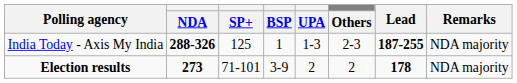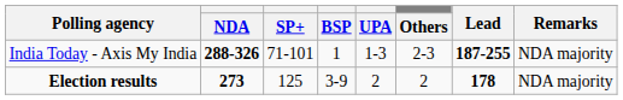 <table class="wikitable sortable" style="text-align:center;font-size:95%;" |>
 <tr>
 <th rowspan="2">Polling agency</th>
 <th style="background:"></th>
 <th style="background:"></th>
 <th style="text-align:center; background:"></th>
 <th style="text-align:center; background:"></th>
 <th style="background:gray;"></th>
 <th rowspan="2">Lead</th>
 <th rowspan="2">Remarks</th>
 </tr>
 <tr>
 <th><a href='#'>NDA</a></th>
 <th><a href='#'>SP+</a></th>
 <th><a href='#'>BSP</a></th>
 <th><a href='#'>UPA</a></th>
 <th>Others</th>
 </tr>
 <tr>
 <td><a href='#'>India Today</a> - Axis My India</td>
 <td><strong>288-326</strong></td>
-<td style="background:">125</td>
+<td>71-101</td>
 <td style="background:">1</td>
 <td>1-3</td>
 <td>2-3</td>
 <td><strong>187-255</strong></td>
 <td>NDA majority</td>
 </tr>
 <tr>
 <td style="background:"><strong>Election results</strong></td>
 <td><strong>273</strong></td>
-<td>71-101</td>
+<td style="background:">125</td>
 <td>3-9</td>
 <td style="background:">2</td>
 <td style="background:">2</td>
 <td><strong>178</strong></td>
 <td style="background:">NDA majority</td>
 </tr>
 </table>
